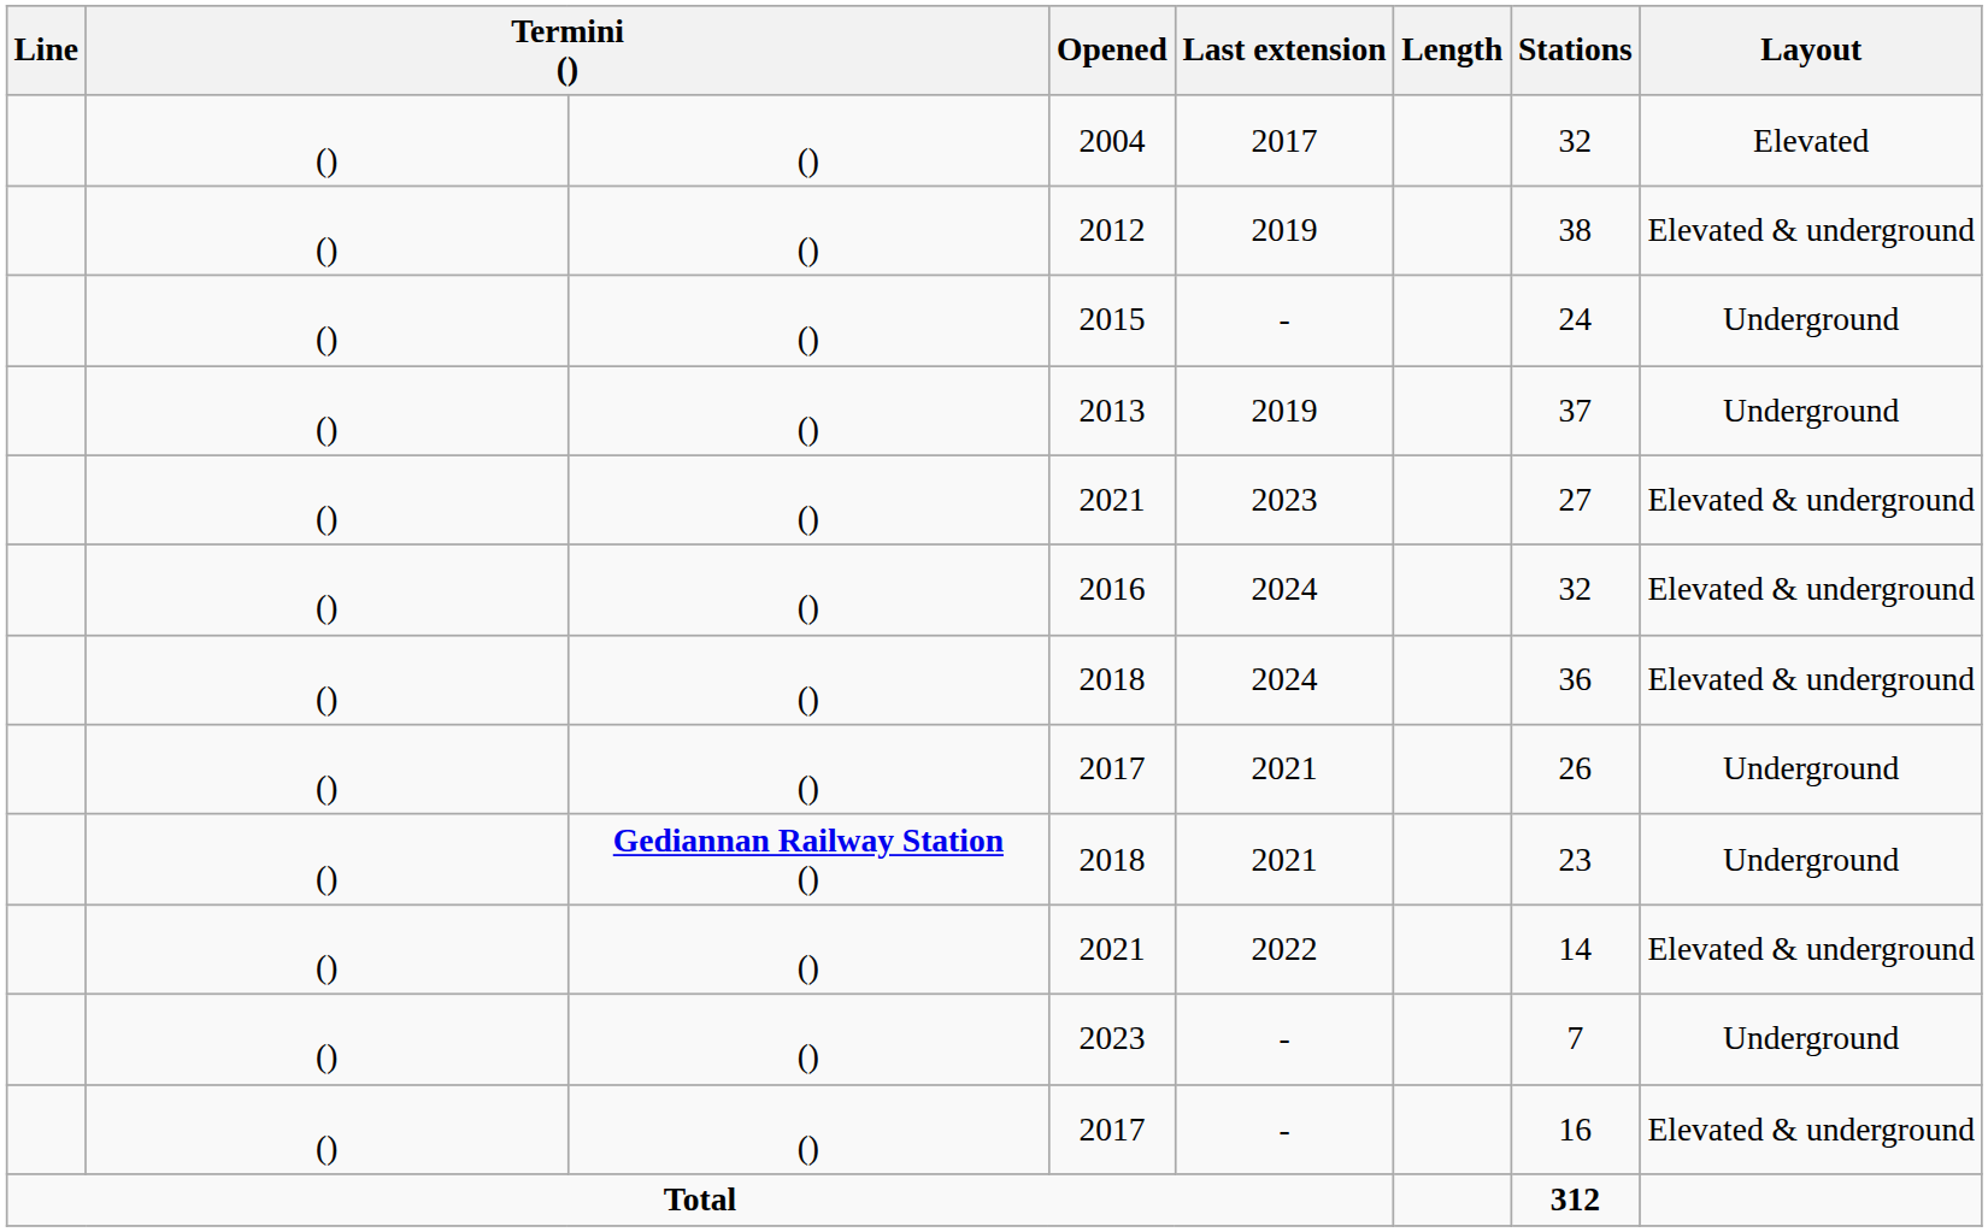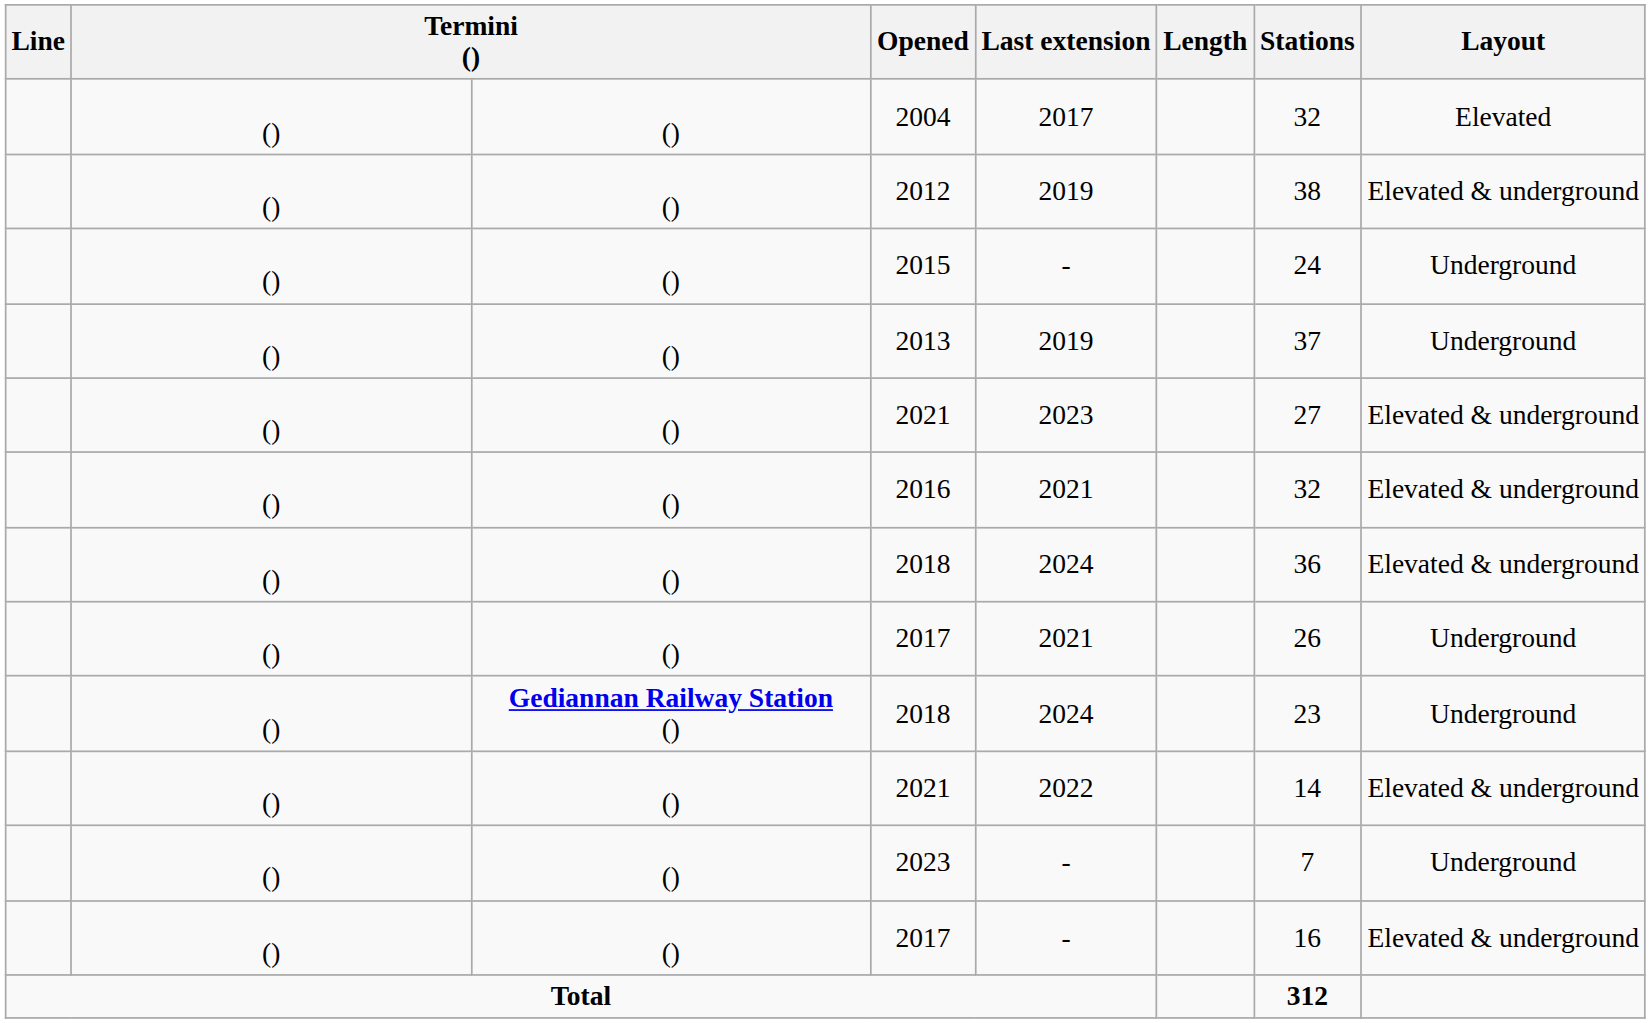 <table class="wikitable" style="margin: 1em auto 1em auto;text-align:center">
 <tr>
 <th data-sort-type="text">Line</th>
 <th class="unsortable" colspan="2">Termini<br>()</th>
 <th>Opened</th>
 <th>Last extension</th>
 <th>Length</th>
 <th>Stations</th>
 <th>Layout</th>
 </tr>
 <tr>
 <td style="text-align:center;"></td>
 <td style="text-align:center; width:225px;"><strong></strong><br>()</td>
 <td style="text-align:center; width:225px;"><strong></strong><br>()</td>
 <td style="text-align:center;">2004</td>
 <td style="text-align:center;">2017</td>
 <td style="text-align:center;"></td>
 <td style="text-align:center;">32</td>
 <td style="text-align:center;">Elevated</td>
 </tr>
 <tr>
 <td style="text-align:center;"></td>
 <td style="text-align:center; width:225px;"><strong></strong><br>()</td>
 <td style="text-align:center; width:225px;"><strong></strong><br>()</td>
 <td style="text-align:center;">2012</td>
 <td style="text-align:center;">2019</td>
 <td style="text-align:center;"></td>
 <td style="text-align:center;">38</td>
 <td style="text-align:center;">Elevated & underground</td>
 </tr>
 <tr>
 <td style="text-align:center;"></td>
 <td style="text-align:center; width:225px;"><strong></strong><br>()</td>
 <td style="text-align:center; width:225px;"><strong></strong><br>()</td>
 <td style="text-align:center;">2015</td>
 <td style="text-align:center;">-</td>
 <td style="text-align:center;"></td>
 <td style="text-align:center;">24</td>
 <td style="text-align:center;">Underground</td>
 </tr>
 <tr>
 <td style="text-align:center;"></td>
 <td style="text-align:center; width:225px;"><strong></strong><br>()</td>
 <td style="text-align:center; width:225px;"><strong></strong><br>()</td>
 <td style="text-align:center;">2013</td>
 <td style="text-align:center;">2019</td>
 <td style="text-align:center;"></td>
 <td style="text-align:center;">37</td>
 <td style="text-align:center;">Underground</td>
 </tr>
 <tr>
 <td style="text-align:center;"></td>
 <td style="text-align:center; width:225px;"><strong></strong><br>()</td>
 <td style="text-align:center; width:225px;"><strong></strong><br>()</td>
 <td style="text-align:center;">2021</td>
 <td style="text-align:center;">2023</td>
 <td style="text-align:center;"></td>
 <td style="text-align:center;">27</td>
 <td style="text-align:center;">Elevated & underground</td>
 </tr>
 <tr>
 <td style="text-align:center;"></td>
 <td style="text-align:center; width:225px;"><strong></strong><br>()</td>
 <td style="text-align:center; width:225px;"><strong></strong><br>()</td>
 <td style="text-align:center;">2016</td>
-<td style="text-align:center;">2024</td>
+<td style="text-align:center;">2021</td>
 <td style="text-align:center;"></td>
 <td style="text-align:center;">32</td>
 <td style="text-align:center;">Elevated & underground</td>
 </tr>
 <tr>
 <td style="text-align:center;"></td>
 <td style="text-align:center; width:225px;"><strong></strong><br>()</td>
 <td style="text-align:center; width:225px;"><strong></strong><br>()</td>
 <td style="text-align:center;">2018</td>
 <td style="text-align:center;">2024</td>
 <td style="text-align:center;"></td>
 <td style="text-align:center;">36</td>
 <td style="text-align:center;">Elevated & underground</td>
 </tr>
 <tr>
 <td style="text-align:center;"></td>
 <td style="text-align:center; width:225px;"><strong></strong><br>()</td>
 <td style="text-align:center; width:225px;"><strong></strong><br>()</td>
 <td style="text-align:center;">2017</td>
 <td style="text-align:center;">2021</td>
 <td style="text-align:center;"></td>
 <td style="text-align:center;">26</td>
 <td style="text-align:center;">Underground</td>
 </tr>
 <tr>
 <td style="text-align:center;"></td>
 <td style="text-align:center; width:225px;"><strong></strong><br>()</td>
 <td style="text-align:center; width:225px;"><strong><a href='#'>Gediannan Railway Station</a></strong><br>()</td>
 <td style="text-align:center;">2018</td>
-<td style="text-align:center;">2021</td>
+<td style="text-align:center;">2024</td>
 <td style="text-align:center;"></td>
 <td style="text-align:center;">23</td>
 <td style="text-align:center;">Underground</td>
 </tr>
 <tr>
 <td style="text-align:center;"></td>
 <td style="text-align:center; width:225px;"><strong></strong><br>()</td>
 <td style="text-align:center; width:225px;"><strong></strong><br>()</td>
 <td style="text-align:center;">2021</td>
 <td style="text-align:center;">2022</td>
 <td style="text-align:center;"></td>
 <td style="text-align:center;">14</td>
 <td style="text-align:center;">Elevated & underground</td>
 </tr>
 <tr>
 <td style="text-align:center;"></td>
 <td style="text-align:center; width:225px;"><strong></strong><br>()</td>
 <td style="text-align:center; width:225px;"><strong></strong><br>()</td>
 <td style="text-align:center;">2023</td>
 <td style="text-align:center;">-</td>
 <td style="text-align:center;"></td>
 <td style="text-align:center;">7</td>
 <td style="text-align:center;">Underground</td>
 </tr>
 <tr>
 <td style="text-align:center;"></td>
 <td style="text-align:center; width:225px;"><strong></strong><br>()</td>
 <td style="text-align:center; width:225px;"><strong></strong><br>()</td>
 <td style="text-align:center;">2017</td>
 <td style="text-align:center;">-</td>
 <td style="text-align:center;"></td>
 <td style="text-align:center;">16</td>
 <td style="text-align:center;">Elevated & underground</td>
 </tr>
 <tr |->
 <td style="text-align:center;" colspan="5"><strong>Total</strong></td>
 <td style="text-align:center;"><strong></strong></td>
 <td style="text-align:center;"><strong>312</strong></td>
 <td></td>
 </tr>
 </table>
